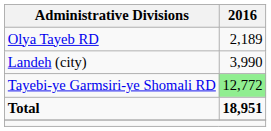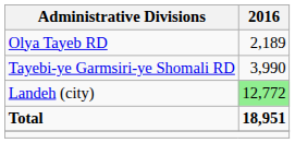 <table class="wikitable">
 <tr>
 <th>Administrative Divisions</th>
 <th>2016</th>
 </tr>
 <tr>
 <td><a href='#'>Olya Tayeb RD</a></td>
 <td style="text-align: right;">2,189</td>
 </tr>
 <tr>
-<td><a href='#'>Landeh</a> (city)</td>
+<td><a href='#'>Tayebi-ye Garmsiri-ye Shomali RD</a></td>
 <td style="text-align: right;">3,990</td>
 </tr>
 <tr>
-<td><a href='#'>Tayebi-ye Garmsiri-ye Shomali RD</a></td>
+<td><a href='#'>Landeh</a> (city)</td>
 <td style="background: lightgreen; text-align: right;">12,772</td>
 </tr>
 <tr>
 <td><strong>Total</strong></td>
 <td style="text-align: right;"><strong>18,951</strong></td>
 </tr>
 <tr>
 </tr>
 <tr>
 <td colspan=2></td>
 </tr>
 </table>
